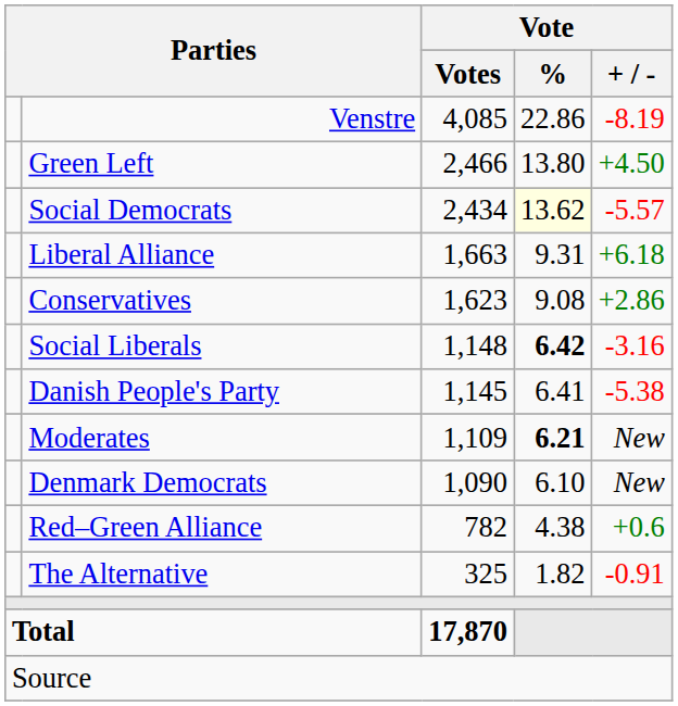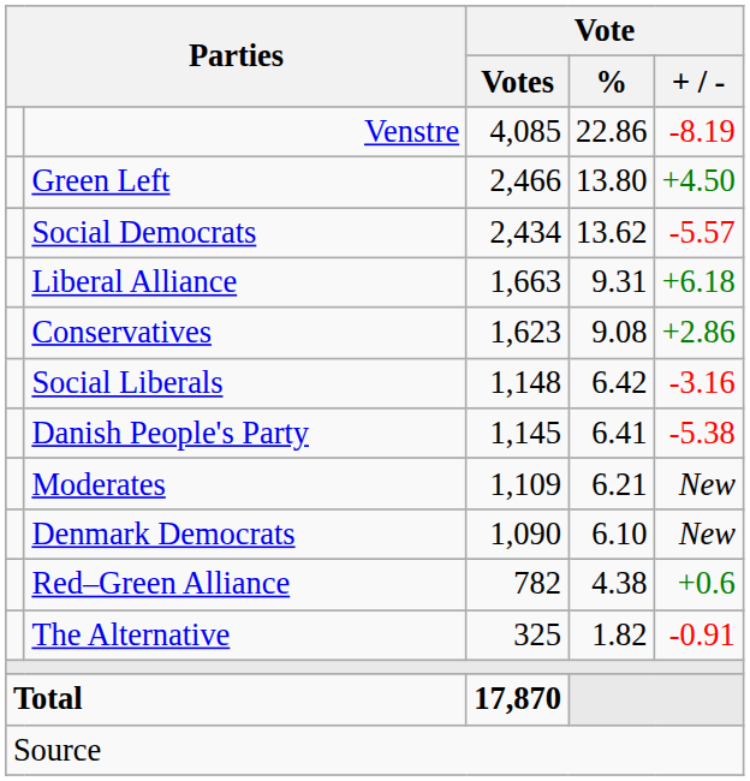 <table class="wikitable" style="text-align:right;">
 <tr>
 <th style="text-align:centre;" rowspan="2" colspan="2" width="225">Parties</th>
 <th colspan="3">Vote</th>
 </tr>
 <tr>
 <th width="15">Votes</th>
 <th width="15">%</th>
 <th width="15">+ / -</th>
 </tr>
 <tr>
 <td width=2 bgcolor=></td>
 <td><a href='#'>Venstre</a></td>
 <td>4,085</td>
 <td>22.86</td>
 <td style=color:red;>-8.19</td>
 </tr>
 <tr>
 <td width=2 bgcolor=></td>
 <td align=left><a href='#'>Green Left</a></td>
 <td>2,466</td>
 <td>13.80</td>
 <td style=color:green;>+4.50</td>
 </tr>
 <tr>
 <td width=2 bgcolor=></td>
 <td align=left><a href='#'>Social Democrats</a></td>
 <td>2,434</td>
-<td style="background: lightyellow;">13.62</td>
+<td>13.62</td>
 <td style=color:red;>-5.57</td>
 </tr>
 <tr>
 <td width=2 bgcolor=></td>
 <td align=left><a href='#'>Liberal Alliance</a></td>
 <td>1,663</td>
 <td>9.31</td>
 <td style=color:green;>+6.18</td>
 </tr>
 <tr>
 <td width=2 bgcolor=></td>
 <td align=left><a href='#'>Conservatives</a></td>
 <td>1,623</td>
 <td>9.08</td>
 <td style=color:green;>+2.86</td>
 </tr>
 <tr>
 <td width=2 bgcolor=></td>
 <td align=left><a href='#'>Social Liberals</a></td>
 <td>1,148</td>
-<td><strong>6.42</strong></td>
+<td>6.42</td>
 <td style=color:red;>-3.16</td>
 </tr>
 <tr>
 <td width=2 bgcolor=></td>
 <td align=left><a href='#'>Danish People's Party</a></td>
 <td>1,145</td>
 <td>6.41</td>
 <td style=color:red;>-5.38</td>
 </tr>
 <tr>
 <td width=2 bgcolor=></td>
 <td align=left><a href='#'>Moderates</a></td>
 <td>1,109</td>
-<td><strong>6.21</strong></td>
+<td>6.21</td>
 <td><em>New</em></td>
 </tr>
 <tr>
 <td width=2 bgcolor=></td>
 <td align=left><a href='#'>Denmark Democrats</a></td>
 <td>1,090</td>
 <td>6.10</td>
 <td><em>New</em></td>
 </tr>
 <tr>
 <td width=2 bgcolor=></td>
 <td align=left><a href='#'>Red–Green Alliance</a></td>
 <td>782</td>
 <td>4.38</td>
 <td style=color:green;>+0.6</td>
 </tr>
 <tr>
 <td width=2 bgcolor=></td>
 <td align=left><a href='#'>The Alternative</a></td>
 <td>325</td>
 <td>1.82</td>
 <td style=color:red;>-0.91</td>
 </tr>
 <tr>
 <td colspan="7" bgcolor="#E9E9E9"></td>
 </tr>
 <tr>
 <td align="left" colspan="2"><strong>Total</strong></td>
 <td><strong>17,870</strong></td>
 <td bgcolor=#E9E9E9 colspan=2></td>
 </tr>
 <tr>
 <td align="left" colspan="6">Source</td>
 </tr>
 </table>
